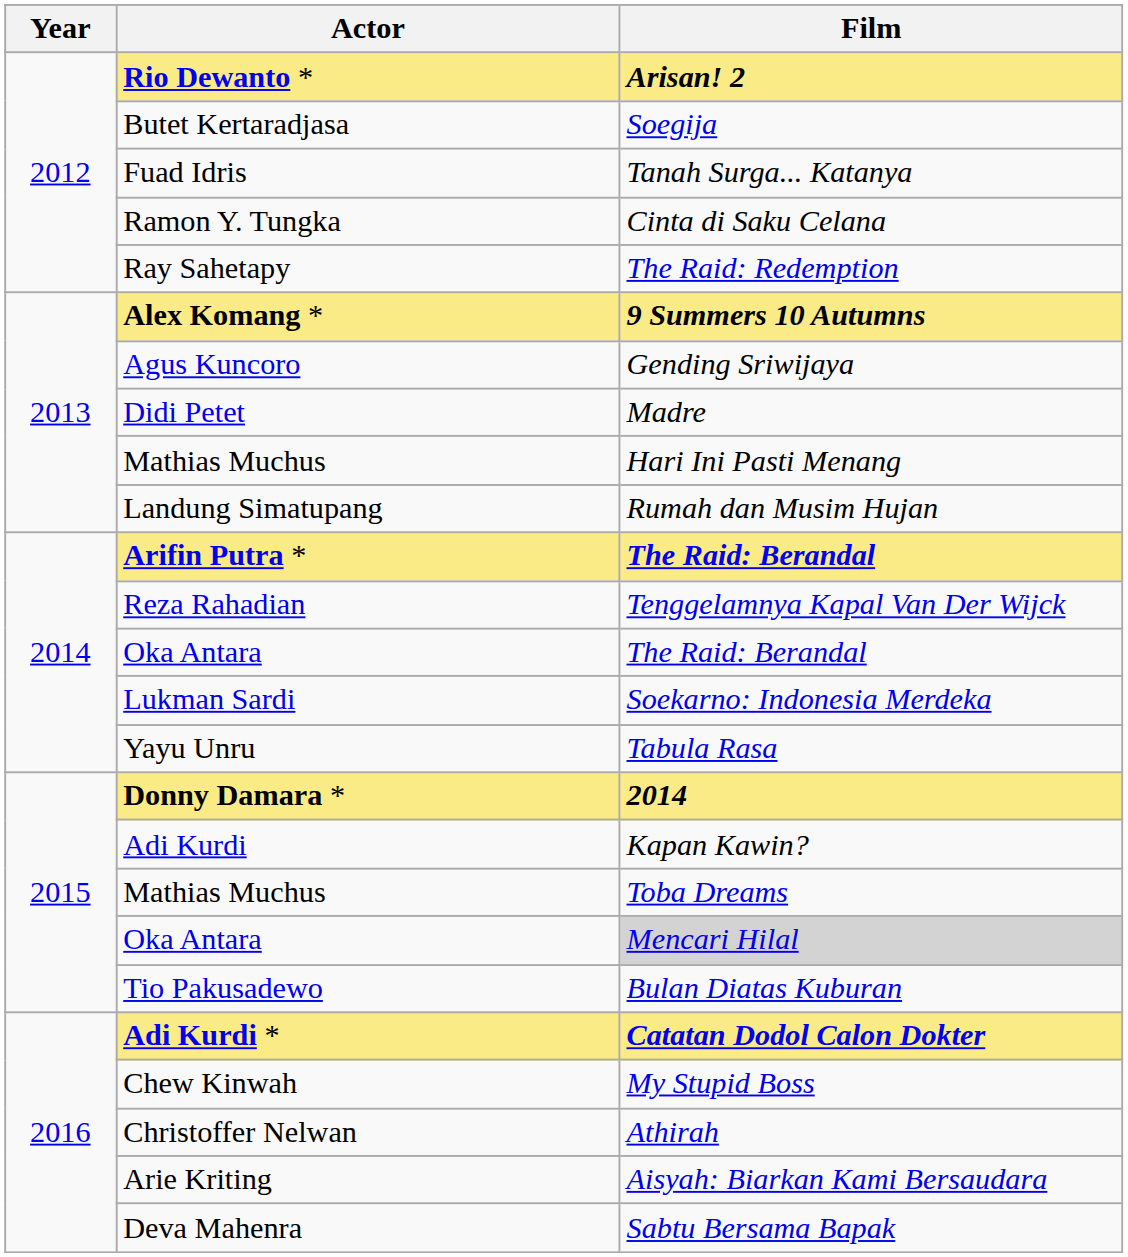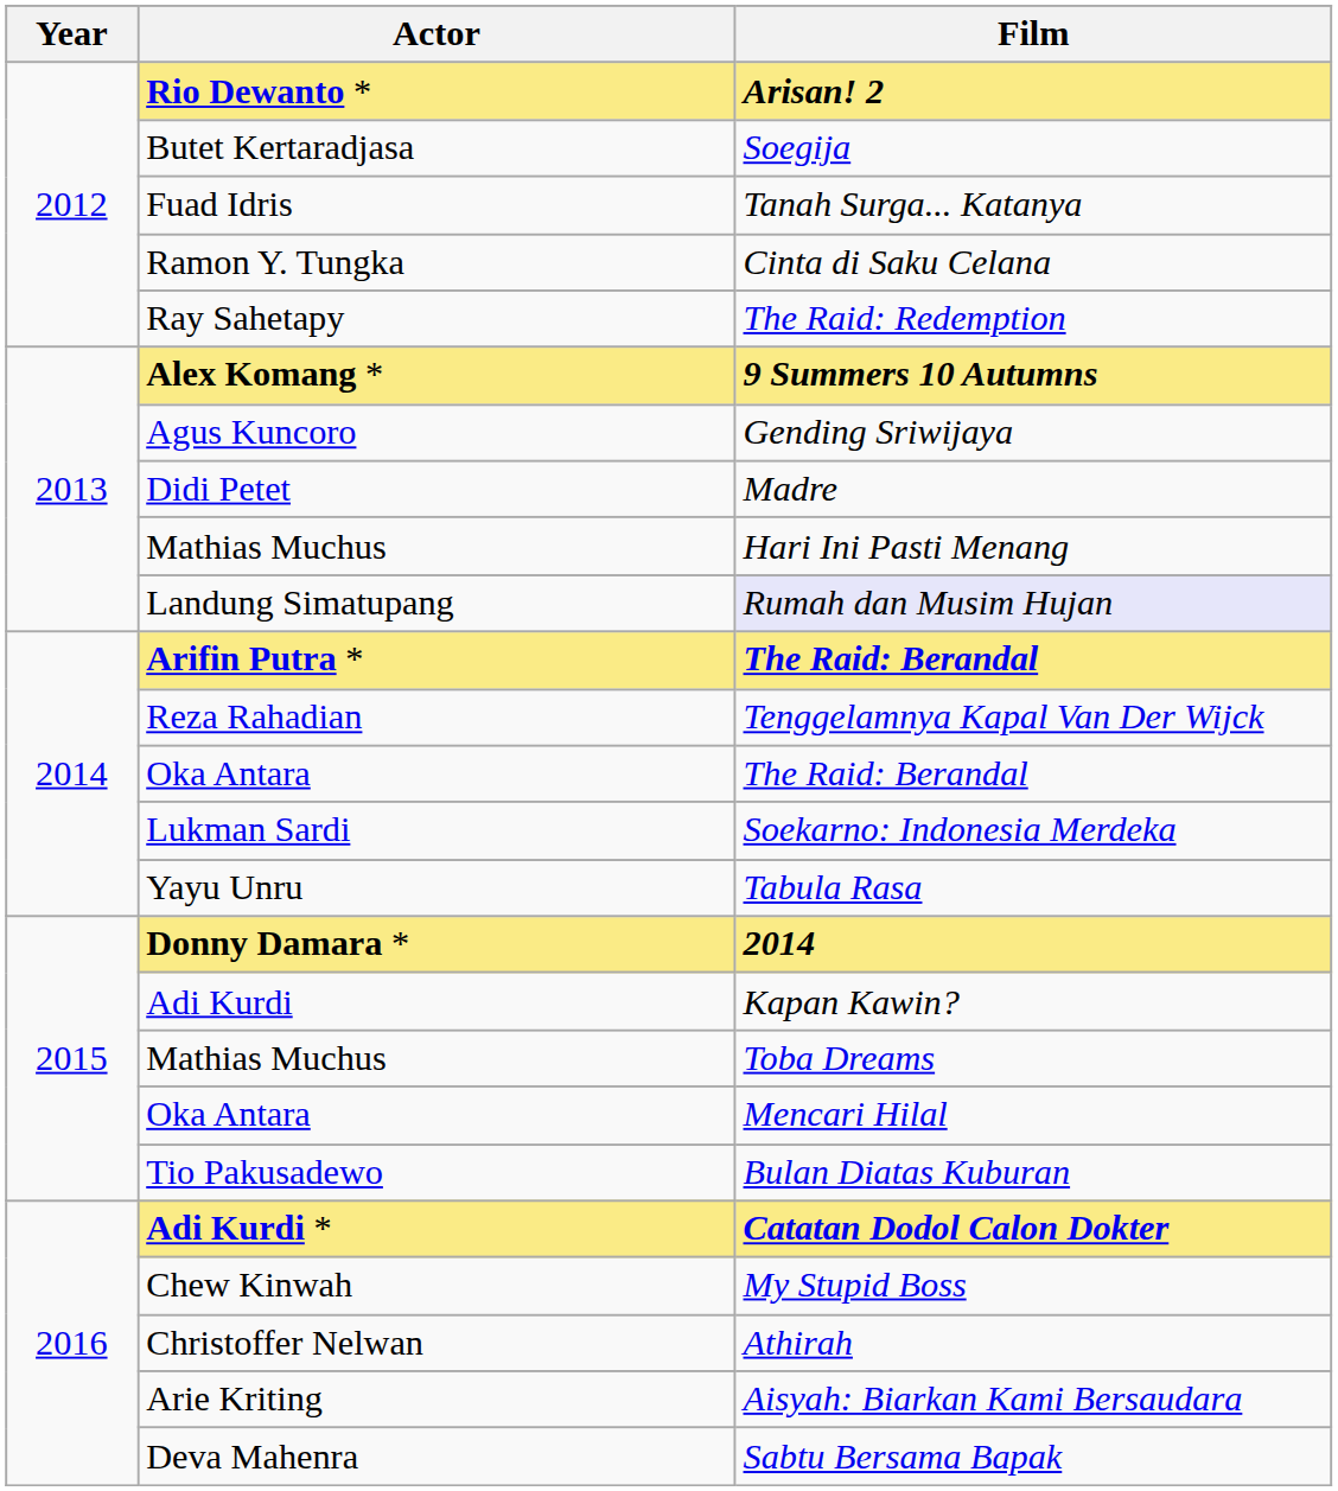 <table class="wikitable" style="width:95%; margin:auto;">
 <tr>
 <th style="width:10%;">Year</th>
 <th style="width:45%;">Actor</th>
 <th style="width:45%;">Film</th>
 </tr>
 <tr>
 <td rowspan="5" style="text-align:center;"><a href='#'>2012</a></td>
 <td style="background:#FAEB86; text-align:left;"><strong><a href='#'>Rio Dewanto</a></strong> *</td>
 <td style="background:#FAEB86;"><strong><em>Arisan! 2</em></strong></td>
 </tr>
 <tr>
 <td style="text-align:left;">Butet Kertaradjasa</td>
 <td><em><a href='#'>Soegija</a></em></td>
 </tr>
 <tr>
 <td style="text-align:left;">Fuad Idris</td>
 <td><em>Tanah Surga... Katanya</em></td>
 </tr>
 <tr>
 <td style="text-align:left;">Ramon Y. Tungka</td>
 <td><em>Cinta di Saku Celana</em></td>
 </tr>
 <tr>
 <td style="text-align:left;">Ray Sahetapy</td>
 <td><em><a href='#'>The Raid: Redemption</a></em></td>
 </tr>
 <tr>
 <td rowspan="5" style="text-align:center;"><a href='#'>2013</a></td>
 <td style="background:#FAEB86; text-align:left;"><strong>Alex Komang</strong> *</td>
 <td style="background:#FAEB86;"><strong><em>9 Summers 10 Autumns</em></strong></td>
 </tr>
 <tr>
 <td style="text-align:left;"><a href='#'>Agus Kuncoro</a></td>
 <td><em>Gending Sriwijaya</em></td>
 </tr>
 <tr>
 <td style="text-align:left;"><a href='#'>Didi Petet</a></td>
 <td><em>Madre</em></td>
 </tr>
 <tr>
 <td style="text-align:left;">Mathias Muchus</td>
 <td><em>Hari Ini Pasti Menang</em></td>
 </tr>
 <tr>
 <td style="text-align:left;">Landung Simatupang</td>
-<td><em>Rumah dan Musim Hujan</em></td>
+<td style="background: lavender;"><em>Rumah dan Musim Hujan</em></td>
 </tr>
 <tr>
 <td rowspan="5" style="text-align:center;"><a href='#'>2014</a></td>
 <td style="background:#FAEB86; text-align:left;"><strong><a href='#'>Arifin Putra</a></strong> *</td>
 <td style="background:#FAEB86;"><strong><em><a href='#'>The Raid: Berandal</a></em></strong></td>
 </tr>
 <tr>
 <td style="text-align:left;"><a href='#'>Reza Rahadian</a></td>
 <td><em><a href='#'>Tenggelamnya Kapal Van Der Wijck</a></em></td>
 </tr>
 <tr>
 <td style="text-align:left;"><a href='#'>Oka Antara</a></td>
 <td><em><a href='#'>The Raid: Berandal</a></em></td>
 </tr>
 <tr>
 <td style="text-align:left;"><a href='#'>Lukman Sardi</a></td>
 <td><em><a href='#'>Soekarno: Indonesia Merdeka</a></em></td>
 </tr>
 <tr>
 <td style="text-align:left;">Yayu Unru</td>
 <td><em><a href='#'>Tabula Rasa</a></em></td>
 </tr>
 <tr>
 <td rowspan="5" style="text-align:center;"><a href='#'>2015</a></td>
 <td style="background:#FAEB86; text-align:left;"><strong>Donny Damara</strong> *</td>
 <td style="background:#FAEB86;"><strong><em>2014</em></strong></td>
 </tr>
 <tr>
 <td style="text-align:left;"><a href='#'>Adi Kurdi</a></td>
 <td><em>Kapan Kawin?</em></td>
 </tr>
 <tr>
 <td style="text-align:left;">Mathias Muchus</td>
 <td><em><a href='#'>Toba Dreams</a></em></td>
 </tr>
 <tr>
 <td style="text-align:left;"><a href='#'>Oka Antara</a></td>
-<td style="background: lightgrey;"><em><a href='#'>Mencari Hilal</a></em></td>
+<td><em><a href='#'>Mencari Hilal</a></em></td>
 </tr>
 <tr>
 <td style="text-align:left;"><a href='#'>Tio Pakusadewo</a></td>
 <td><em><a href='#'>Bulan Diatas Kuburan</a></em></td>
 </tr>
 <tr>
 <td rowspan="5" style="text-align:center;"><a href='#'>2016</a></td>
 <td style="background:#FAEB86; text-align:left;"><strong><a href='#'>Adi Kurdi</a></strong> *</td>
 <td style="background:#FAEB86;"><strong><em><a href='#'>Catatan Dodol Calon Dokter</a></em></strong></td>
 </tr>
 <tr>
 <td style="text-align:left;">Chew Kinwah</td>
 <td><em><a href='#'>My Stupid Boss</a></em></td>
 </tr>
 <tr>
 <td style="text-align:left;">Christoffer Nelwan</td>
 <td><em><a href='#'>Athirah</a></em></td>
 </tr>
 <tr>
 <td style="text-align:left;">Arie Kriting</td>
 <td><em><a href='#'>Aisyah: Biarkan Kami Bersaudara</a></em></td>
 </tr>
 <tr>
 <td style="text-align:left;">Deva Mahenra</td>
 <td><em><a href='#'>Sabtu Bersama Bapak</a></em></td>
 </tr>
 </table>
